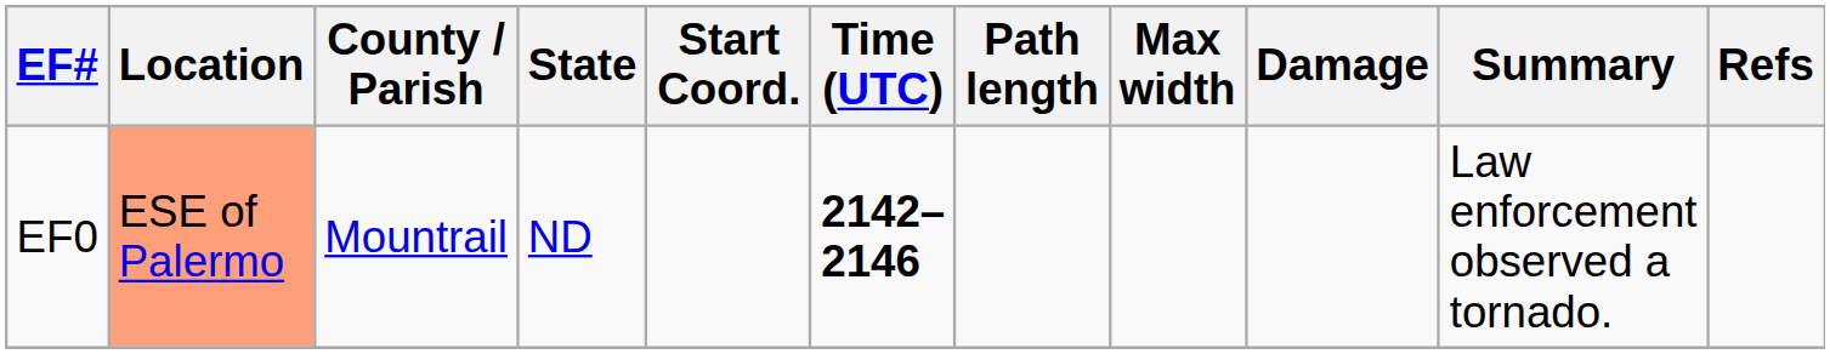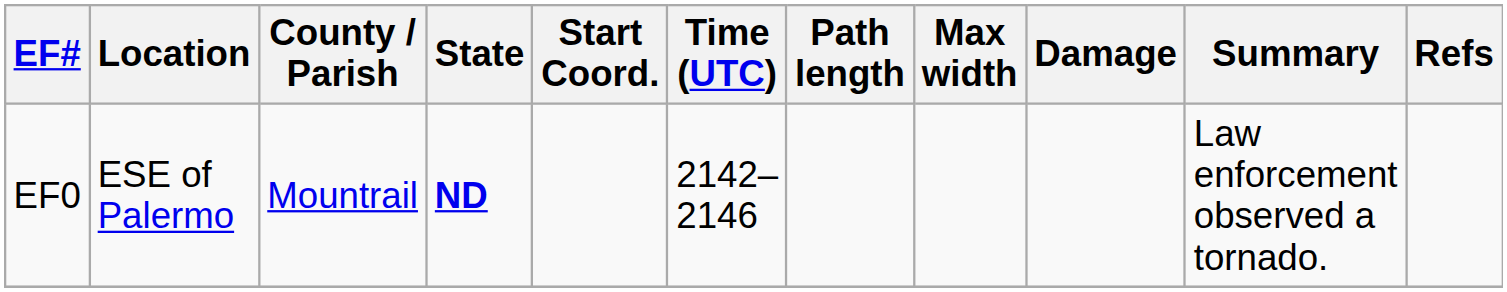 <table class="wikitable sortable" style="width:100%;">
 <tr>
 <th scope="col" width="3%" align="center"><a href='#'>EF#</a></th>
 <th scope="col" width="7%" align="center" class="unsortable">Location</th>
 <th scope="col" width="6%" align="center" class="unsortable">County / Parish</th>
 <th scope="col" width="5%" align="center">State</th>
 <th scope="col" width="6%" align="center">Start Coord.</th>
 <th scope="col" width="6%" align="center">Time (<a href='#'>UTC</a>)</th>
 <th scope="col" width="6%" align="center">Path length</th>
 <th scope="col" width="6%" align="center">Max width</th>
 <th scope="col" width="6%" align="center">Damage</th>
 <th scope="col" width="48%" class="unsortable" align="center">Summary</th>
 <th scope="col" width="48%" class="unsortable" align="center">Refs</th>
 </tr>
 <tr>
 <td>EF0</td>
-<td style="background: lightsalmon;">ESE of <a href='#'>Palermo</a></td>
+<td>ESE of <a href='#'>Palermo</a></td>
 <td><a href='#'>Mountrail</a></td>
-<td><a href='#'>ND</a></td>
+<td><strong><a href='#'>ND</a></strong></td>
 <td></td>
-<td><strong>2142–2146</strong></td>
+<td>2142–2146</td>
 <td></td>
 <td></td>
 <td></td>
 <td>Law enforcement observed a tornado.</td>
 <td></td>
 </tr>
 <tr>
 </tr>
 </table>
